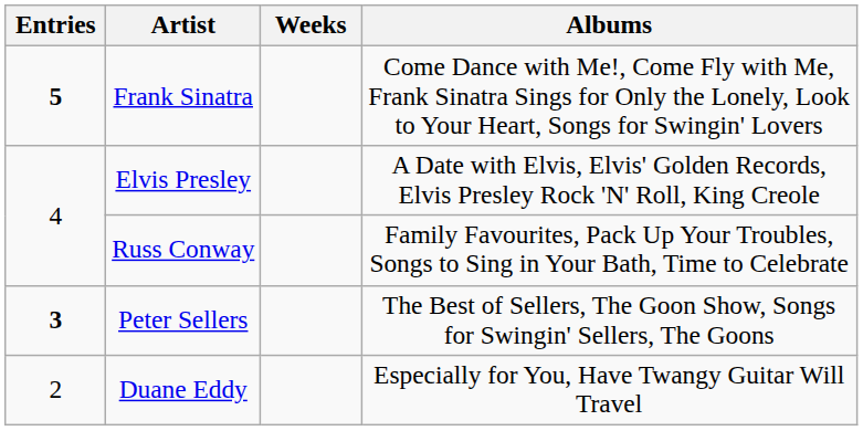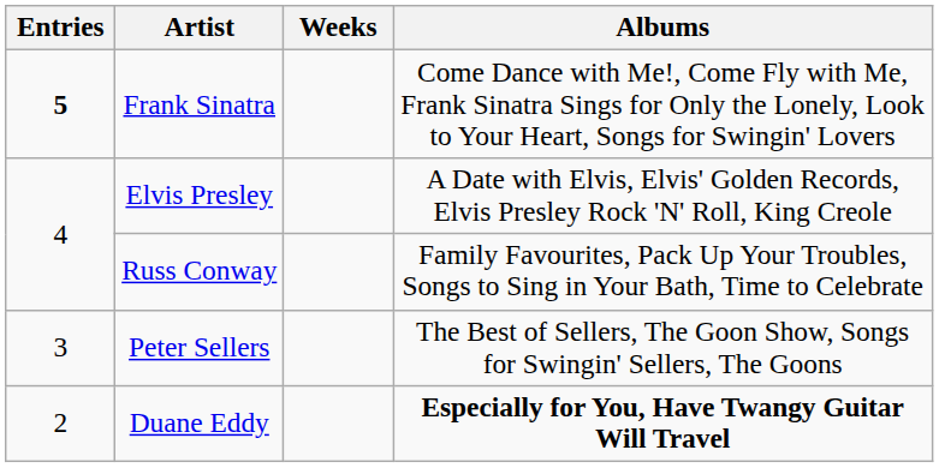 <table class="wikitable sortable" rowspan="2" style="text-align:center;" background: #f6e39c;>
 <tr>
 <th scope="col" style="width:55px;" data-sort-type="number">Entries</th>
 <th scope="col" style="text-align:center;">Artist</th>
 <th scope="col" style="width:55px;" data-sort-type="number">Weeks</th>
 <th scope="col" style="width:300px;">Albums</th>
 </tr>
 <tr>
 <td rowspan="1"><strong>5</strong></td>
 <td><a href='#'>Frank Sinatra</a></td>
 <td></td>
 <td>Come Dance with Me!, Come Fly with Me, Frank Sinatra Sings for Only the Lonely, Look to Your Heart, Songs for Swingin' Lovers</td>
 </tr>
 <tr>
 <td rowspan="2">4</td>
 <td><a href='#'>Elvis Presley</a></td>
 <td></td>
 <td>A Date with Elvis, Elvis' Golden Records, Elvis Presley Rock 'N' Roll, King Creole</td>
 </tr>
 <tr>
 <td><a href='#'>Russ Conway</a></td>
 <td></td>
 <td>Family Favourites, Pack Up Your Troubles, Songs to Sing in Your Bath, Time to Celebrate</td>
 </tr>
 <tr>
-<td rowspan="1"><strong>3</strong></td>
+<td rowspan="1">3</td>
 <td><a href='#'>Peter Sellers</a></td>
 <td></td>
 <td>The Best of Sellers, The Goon Show, Songs for Swingin' Sellers, The Goons</td>
 </tr>
 <tr>
 <td rowspan="1">2</td>
 <td><a href='#'>Duane Eddy</a></td>
 <td></td>
-<td>Especially for You, Have Twangy Guitar Will Travel</td>
+<td><strong>Especially for You, Have Twangy Guitar Will Travel</strong></td>
 </tr>
 </table>
